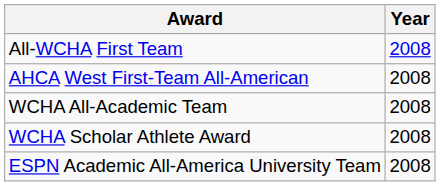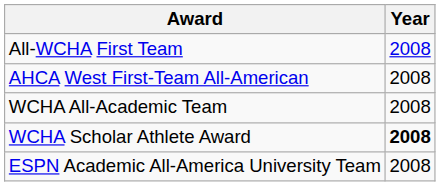 <table class="wikitable">
 <tr>
 <th>Award</th>
 <th>Year</th>
 </tr>
 <tr>
 <td>All-<a href='#'>WCHA</a> <a href='#'>First Team</a></td>
 <td><a href='#'>2008</a></td>
 </tr>
 <tr>
 <td><a href='#'>AHCA</a> <a href='#'>West First-Team All-American</a></td>
 <td>2008</td>
 </tr>
 <tr>
 <td>WCHA All-Academic Team</td>
 <td>2008</td>
 </tr>
 <tr>
 <td><a href='#'>WCHA</a> Scholar Athlete Award</td>
-<td>2008</td>
+<td><strong>2008</strong></td>
 </tr>
 <tr>
 <td><a href='#'>ESPN</a> Academic All-America University Team</td>
 <td>2008</td>
 </tr>
 </table>
